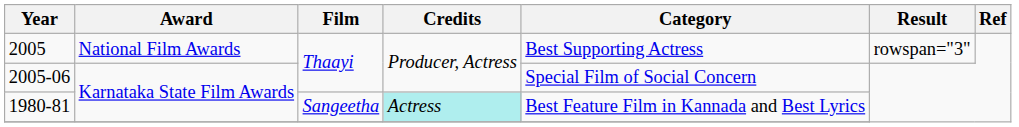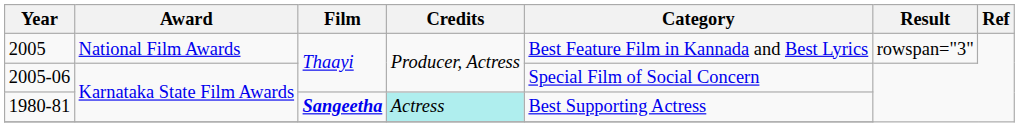 <table class="wikitable">
 <tr>
 <th>Year</th>
 <th>Award</th>
 <th>Film</th>
 <th>Credits</th>
 <th>Category</th>
 <th>Result</th>
 <th>Ref</th>
 </tr>
 <tr>
 <td style="text-align:left;">2005</td>
 <td style="text-align:left;"><a href='#'>National Film Awards</a></td>
 <td style="text-align:left;" rowspan="2"><em><a href='#'>Thaayi</a></em></td>
 <td style="text-align:left;" rowspan="2"><em>Producer, Actress</em></td>
-<td style="text-align:left;"><a href='#'>Best Supporting Actress</a></td>
+<td style="text-align:left;"><a href='#'>Best Feature Film in Kannada</a> and <a href='#'>Best Lyrics</a></td>
 <td>rowspan="3" </td>
 </tr>
 <tr>
 <td style="text-align:left;">2005-06</td>
 <td style="text-align:left;" rowspan="2"><a href='#'>Karnataka State Film Awards</a></td>
 <td style="text-align:left;"><a href='#'>Special Film of Social Concern</a></td>
 </tr>
 <tr>
 <td style="text-align:left;">1980-81</td>
-<td style="text-align:left;"><em><a href='#'>Sangeetha</a></em></td>
+<td style="text-align:left;"><strong><em><a href='#'>Sangeetha</a></em></strong></td>
 <td style="background: paleturquoise; text-align:left;"><em>Actress</em></td>
-<td style="text-align:left;"><a href='#'>Best Feature Film in Kannada</a> and <a href='#'>Best Lyrics</a></td>
+<td style="text-align:left;"><a href='#'>Best Supporting Actress</a></td>
 </tr>
 <tr>
 </tr>
 </table>
